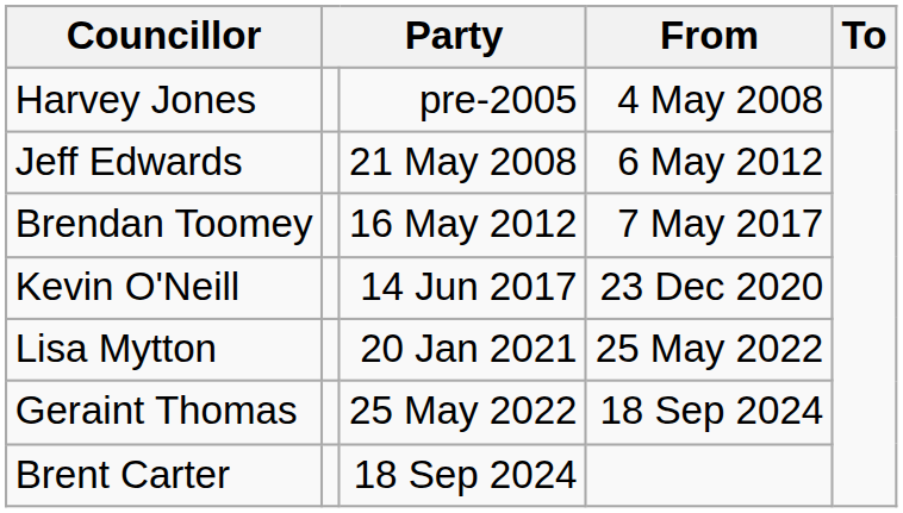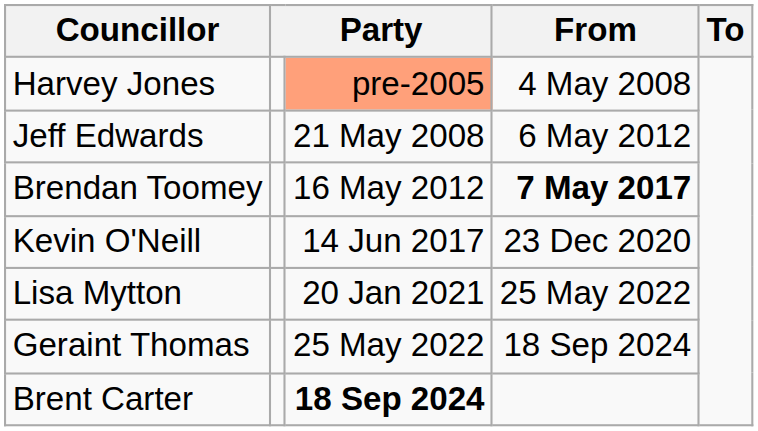 <table class=wikitable>
 <tr>
 <th>Councillor</th>
 <th colspan=2>Party</th>
 <th>From</th>
 <th>To</th>
 </tr>
 <tr>
 <td>Harvey Jones</td>
 <td></td>
-<td align=right>pre-2005</td>
+<td align=right style="background: lightsalmon;">pre-2005</td>
 <td align=right>4 May 2008</td>
 </tr>
 <tr>
 <td>Jeff Edwards</td>
 <td></td>
 <td align=right>21 May 2008</td>
 <td align=right>6 May 2012</td>
 </tr>
 <tr>
 <td>Brendan Toomey</td>
 <td></td>
 <td align=right>16 May 2012</td>
-<td align=right>7 May 2017</td>
+<td align=right><strong>7 May 2017</strong></td>
 </tr>
 <tr>
 <td>Kevin O'Neill</td>
 <td></td>
 <td align=right>14 Jun 2017</td>
 <td align=right>23 Dec 2020</td>
 </tr>
 <tr>
 <td>Lisa Mytton</td>
 <td></td>
 <td align=right>20 Jan 2021</td>
 <td align=right>25 May 2022</td>
 </tr>
 <tr>
 <td>Geraint Thomas</td>
 <td></td>
 <td align=right>25 May 2022</td>
 <td align=right>18 Sep 2024</td>
 </tr>
 <tr>
 <td>Brent Carter</td>
 <td></td>
-<td align=right>18 Sep 2024</td>
+<td align=right><strong>18 Sep 2024</strong></td>
 <td align=right></td>
 </tr>
 </table>
